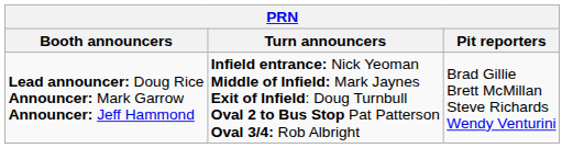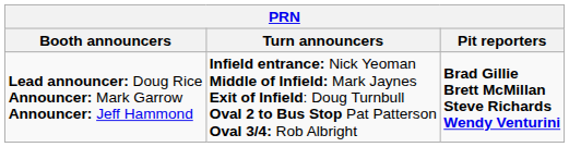 <table class="wikitable" style="font-size: 95%">
 <tr>
 <th colspan="3"><a href='#'>PRN</a></th>
 </tr>
 <tr>
 <th>Booth announcers</th>
 <th>Turn announcers</th>
 <th>Pit reporters</th>
 </tr>
 <tr>
 <td><strong>Lead announcer:</strong> Doug Rice<br><strong>Announcer:</strong> Mark Garrow<br><strong>Announcer:</strong> <a href='#'>Jeff Hammond</a></td>
 <td><strong>Infield entrance:</strong> Nick Yeoman<br><strong>Middle of Infield:</strong> Mark Jaynes<br><strong>Exit of Infield</strong>: Doug Turnbull<br><strong>Oval 2 to Bus Stop</strong> Pat Patterson<br><strong>Oval 3/4:</strong> Rob Albright</td>
-<td>Brad Gillie<br>Brett McMillan<br>Steve Richards<br><a href='#'>Wendy Venturini</a></td>
+<td><strong>Brad Gillie<br>Brett McMillan<br>Steve Richards<br><a href='#'>Wendy Venturini</a></strong></td>
 </tr>
 </table>
